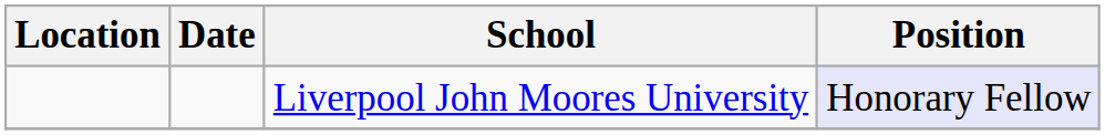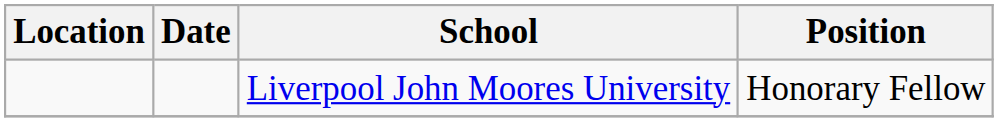 <table class="wikitable">
 <tr>
 <th>Location</th>
 <th>Date</th>
 <th>School</th>
 <th>Position</th>
 </tr>
 <tr>
 <td></td>
 <td></td>
 <td><a href='#'>Liverpool John Moores University</a></td>
-<td style="background: lavender;">Honorary Fellow</td>
+<td>Honorary Fellow</td>
 </tr>
 <tr>
 </tr>
 </table>
